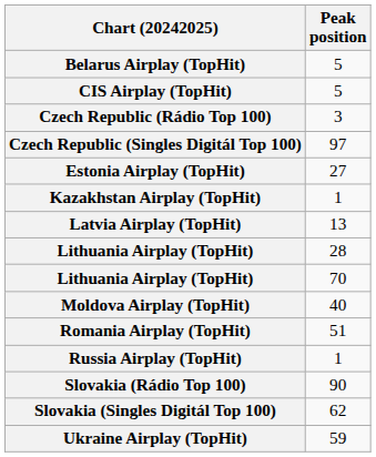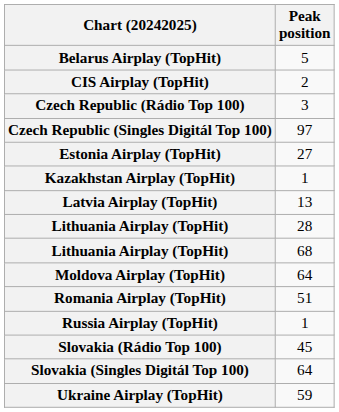 <table class="wikitable sortable plainrowheaders" style="text-align:center">
 <tr>
 <th scope="col">Chart (20242025)</th>
 <th scope="col">Peak<br>position</th>
 </tr>
 <tr>
 <th scope="row">Belarus Airplay (TopHit)</th>
 <td>5</td>
 </tr>
 <tr>
 <th scope="row">CIS Airplay (TopHit)</th>
-<td>5</td>
+<td>2</td>
 </tr>
 <tr>
 <th scope="row">Czech Republic (Rádio Top 100)</th>
 <td>3</td>
 </tr>
 <tr>
 <th scope="row">Czech Republic (Singles Digitál Top 100)</th>
 <td>97</td>
 </tr>
 <tr>
 <th scope="row">Estonia Airplay (TopHit)</th>
 <td>27</td>
 </tr>
 <tr>
 <th scope="row">Kazakhstan Airplay (TopHit)</th>
 <td>1</td>
 </tr>
 <tr>
 <th scope="row">Latvia Airplay (TopHit)<br></th>
 <td>13</td>
 </tr>
 <tr>
 <th scope="row">Lithuania Airplay (TopHit)</th>
 <td>28</td>
 </tr>
 <tr>
 <th scope="row">Lithuania Airplay (TopHit)<br></th>
-<td>70</td>
+<td>68</td>
 </tr>
 <tr>
 <th scope="row">Moldova Airplay (TopHit)</th>
-<td>40</td>
+<td>64</td>
 </tr>
 <tr>
 <th scope="row">Romania Airplay (TopHit)</th>
 <td>51</td>
 </tr>
 <tr>
 <th scope="row">Russia Airplay (TopHit)</th>
 <td>1</td>
 </tr>
 <tr>
 <th scope="row">Slovakia (Rádio Top 100)</th>
-<td>90</td>
+<td>45</td>
 </tr>
 <tr>
 <th scope="row">Slovakia (Singles Digitál Top 100)</th>
-<td>62</td>
+<td>64</td>
 </tr>
 <tr>
 <th scope="row">Ukraine Airplay (TopHit)</th>
 <td>59</td>
 </tr>
 </table>
